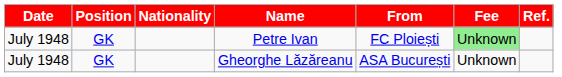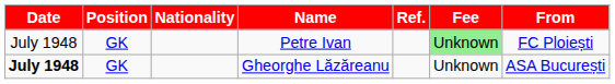 <table class="wikitable"  style="text-align:center; font-size:90%; ">
 <tr>
 <th style="background:red;color:white;">Date</th>
 <th style="background:red;color:white;">Position</th>
 <th style="background:red;color:white;">Nationality</th>
 <th style="background:red;color:white;">Name</th>
+<th style="background:red;color:white;">Ref.</th>
+<th style="background:red;color:white;">Fee</th>
 <th style="background:red;color:white;">From</th>
-<th style="background:red;color:white;">Fee</th>
-<th style="background:red;color:white;">Ref.</th>
 </tr>
 <tr>
 <td>July 1948</td>
 <td><a href='#'>GK</a></td>
 <td></td>
 <td><a href='#'>Petre Ivan</a></td>
+<td></td>
+<td style="background: lightgreen;">Unknown</td>
 <td><a href='#'>FC Ploiești</a></td>
-<td style="background: lightgreen;">Unknown</td>
-<td></td>
 </tr>
 <tr>
-<td>July 1948</td>
+<td><strong>July 1948</strong></td>
 <td><a href='#'>GK</a></td>
 <td></td>
 <td><a href='#'>Gheorghe Lăzăreanu</a></td>
+<td></td>
+<td>Unknown</td>
 <td><a href='#'>ASA București</a></td>
-<td>Unknown</td>
-<td></td>
 </tr>
 </table>
